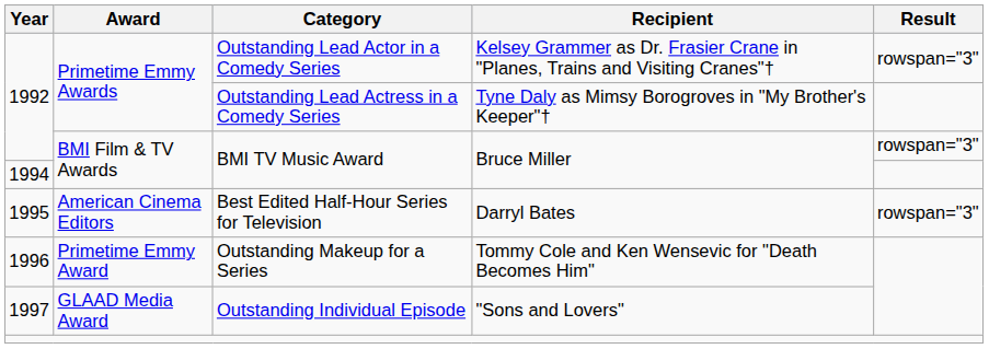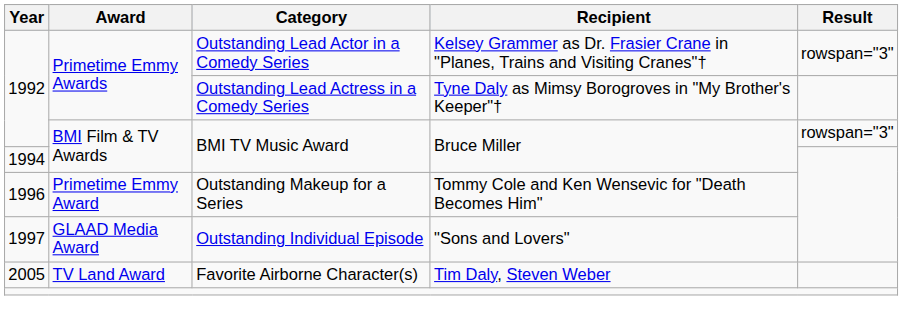 <table class="wikitable">
 <tr style="background:#b0c4de; text-align:center;">
 <th>Year</th>
 <th>Award</th>
 <th>Category</th>
 <th>Recipient</th>
 <th>Result</th>
 </tr>
 <tr>
 <td rowspan="3">1992</td>
 <td rowspan="2"><a href='#'>Primetime Emmy Awards</a></td>
 <td><a href='#'>Outstanding Lead Actor in a Comedy Series</a></td>
 <td><a href='#'>Kelsey Grammer</a> as Dr. <a href='#'>Frasier Crane</a> in "Planes, Trains and Visiting Cranes"†</td>
 <td>rowspan="3"</td>
 </tr>
 <tr>
 <td><a href='#'>Outstanding Lead Actress in a Comedy Series</a></td>
 <td><a href='#'>Tyne Daly</a> as Mimsy Borogroves in "My Brother's Keeper"†</td>
 </tr>
 <tr>
 <td rowspan="2"><a href='#'>BMI</a> Film & TV Awards</td>
 <td rowspan="2">BMI TV Music Award</td>
 <td rowspan="2">Bruce Miller</td>
 <td>rowspan="3"</td>
 </tr>
 <tr>
 <td>1994</td>
 </tr>
 <tr>
-<td>1995</td>
-<td><a href='#'>American Cinema Editors</a></td>
-<td>Best Edited Half-Hour Series for Television</td>
-<td>Darryl Bates</td>
-<td>rowspan="3"</td>
-</tr>
-<tr>
 <td>1996</td>
 <td><a href='#'>Primetime Emmy Award</a></td>
 <td>Outstanding Makeup for a Series</td>
 <td>Tommy Cole and Ken Wensevic for "Death Becomes Him"</td>
 </tr>
 <tr>
 <td>1997</td>
 <td><a href='#'>GLAAD Media Award</a></td>
 <td><a href='#'>Outstanding Individual Episode</a></td>
 <td>"Sons and Lovers"</td>
 </tr>
 <tr>
+<td>2005</td>
+<td><a href='#'>TV Land Award</a></td>
+<td>Favorite Airborne Character(s)</td>
+<td><a href='#'>Tim Daly</a>, <a href='#'>Steven Weber</a></td>
+<td></td>
+</tr>
+<tr>
 <td style="text-align:center;" colspan="5"></td>
 </tr>
 </table>
